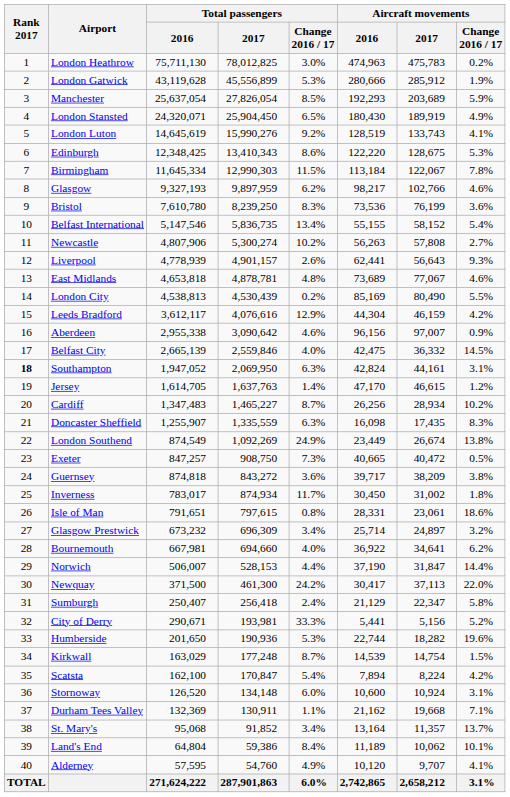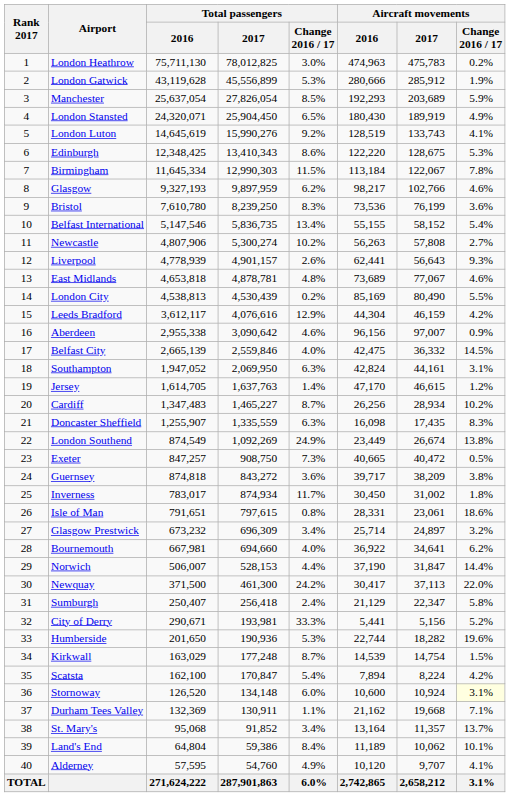 <table class="wikitable sortable" style="text-align: right; ">
 <tr>
 <th rowspan=2>Rank<br>2017</th>
 <th rowspan="2">Airport</th>
 <th colspan=3>Total passengers</th>
 <th colspan=3>Aircraft movements</th>
 </tr>
 <tr>
 <th>2016</th>
 <th>2017</th>
 <th>Change<br>2016 / 17</th>
 <th>2016</th>
 <th>2017</th>
 <th>Change<br>2016 / 17</th>
 </tr>
 <tr>
 <td align='center'>1</td>
 <td align='left'><a href='#'>London Heathrow</a></td>
 <td style="padding-right: 1em;">75,711,130</td>
 <td style="padding-right: 1em;">78,012,825</td>
 <td style="padding-right: 1em;">3.0%</td>
 <td style="padding-right: 1em;">474,963</td>
 <td style="padding-right: 1em;">475,783</td>
 <td style="padding-right: 1em;">0.2%</td>
 </tr>
 <tr>
 <td align='center'>2</td>
 <td align='left'><a href='#'>London Gatwick</a></td>
 <td style="padding-right: 1em;">43,119,628</td>
 <td style="padding-right: 1em;">45,556,899</td>
 <td style="padding-right: 1em;">5.3%</td>
 <td style="padding-right: 1em;">280,666</td>
 <td style="padding-right: 1em;">285,912</td>
 <td style="padding-right: 1em;">1.9%</td>
 </tr>
 <tr>
 <td align='center'>3</td>
 <td align='left'><a href='#'>Manchester</a></td>
 <td style="padding-right: 1em;">25,637,054</td>
 <td style="padding-right: 1em;">27,826,054</td>
 <td style="padding-right: 1em;">8.5%</td>
 <td style="padding-right: 1em;">192,293</td>
 <td style="padding-right: 1em;">203,689</td>
 <td style="padding-right: 1em;">5.9%</td>
 </tr>
 <tr>
 <td align='center'>4</td>
 <td align='left'><a href='#'>London Stansted</a></td>
 <td style="padding-right: 1em;">24,320,071</td>
 <td style="padding-right: 1em;">25,904,450</td>
 <td style="padding-right: 1em;">6.5%</td>
 <td style="padding-right: 1em;">180,430</td>
 <td style="padding-right: 1em;">189,919</td>
 <td style="padding-right: 1em;">4.9%</td>
 </tr>
 <tr>
 <td align='center'>5</td>
 <td align='left'><a href='#'>London Luton</a></td>
 <td style="padding-right: 1em;">14,645,619</td>
 <td style="padding-right: 1em;">15,990,276</td>
 <td style="padding-right: 1em;">9.2%</td>
 <td style="padding-right: 1em;">128,519</td>
 <td style="padding-right: 1em;">133,743</td>
 <td style="padding-right: 1em;">4.1%</td>
 </tr>
 <tr>
 <td align='center'>6</td>
 <td align='left'><a href='#'>Edinburgh</a></td>
 <td style="padding-right: 1em;">12,348,425</td>
 <td style="padding-right: 1em;">13,410,343</td>
 <td style="padding-right: 1em;">8.6%</td>
 <td style="padding-right: 1em;">122,220</td>
 <td style="padding-right: 1em;">128,675</td>
 <td style="padding-right: 1em;">5.3%</td>
 </tr>
 <tr>
 <td align='center'>7</td>
 <td align='left'><a href='#'>Birmingham</a></td>
 <td style="padding-right: 1em;">11,645,334</td>
 <td style="padding-right: 1em;">12,990,303</td>
 <td style="padding-right: 1em;">11.5%</td>
 <td style="padding-right: 1em;">113,184</td>
 <td style="padding-right: 1em;">122,067</td>
 <td style="padding-right: 1em;">7.8%</td>
 </tr>
 <tr>
 <td align='center'>8</td>
 <td align='left'><a href='#'>Glasgow</a></td>
 <td style="padding-right: 1em;">9,327,193</td>
 <td style="padding-right: 1em;">9,897,959</td>
 <td style="padding-right: 1em;">6.2%</td>
 <td style="padding-right: 1em;">98,217</td>
 <td style="padding-right: 1em;">102,766</td>
 <td style="padding-right: 1em;">4.6%</td>
 </tr>
 <tr>
 <td align='center'>9</td>
 <td align='left'><a href='#'>Bristol</a></td>
 <td style="padding-right: 1em;">7,610,780</td>
 <td style="padding-right: 1em;">8,239,250</td>
 <td style="padding-right: 1em;">8.3%</td>
 <td style="padding-right: 1em;">73,536</td>
 <td style="padding-right: 1em;">76,199</td>
 <td style="padding-right: 1em;">3.6%</td>
 </tr>
 <tr>
 <td align='center'>10</td>
 <td align='left'><a href='#'>Belfast International</a></td>
 <td style="padding-right: 1em;">5,147,546</td>
 <td style="padding-right: 1em;">5,836,735</td>
 <td style="padding-right: 1em;">13.4%</td>
 <td style="padding-right: 1em;">55,155</td>
 <td style="padding-right: 1em;">58,152</td>
 <td style="padding-right: 1em;">5.4%</td>
 </tr>
 <tr>
 <td align='center'>11</td>
 <td align='left'><a href='#'>Newcastle</a></td>
 <td style="padding-right: 1em;">4,807,906</td>
 <td style="padding-right: 1em;">5,300,274</td>
 <td style="padding-right: 1em;">10.2%</td>
 <td style="padding-right: 1em;">56,263</td>
 <td style="padding-right: 1em;">57,808</td>
 <td style="padding-right: 1em;">2.7%</td>
 </tr>
 <tr>
 <td align='center'>12</td>
 <td align='left'><a href='#'>Liverpool</a></td>
 <td style="padding-right: 1em;">4,778,939</td>
 <td style="padding-right: 1em;">4,901,157</td>
 <td style="padding-right: 1em;">2.6%</td>
 <td style="padding-right: 1em;">62,441</td>
 <td style="padding-right: 1em;">56,643</td>
 <td style="padding-right: 1em;">9.3%</td>
 </tr>
 <tr>
 <td align='center'>13</td>
 <td align='left'><a href='#'>East Midlands</a></td>
 <td style="padding-right: 1em;">4,653,818</td>
 <td style="padding-right: 1em;">4,878,781</td>
 <td style="padding-right: 1em;">4.8%</td>
 <td style="padding-right: 1em;">73,689</td>
 <td style="padding-right: 1em;">77,067</td>
 <td style="padding-right: 1em;">4.6%</td>
 </tr>
 <tr>
 <td align='center'>14</td>
 <td align='left'><a href='#'>London City</a></td>
 <td style="padding-right: 1em;">4,538,813</td>
 <td style="padding-right: 1em;">4,530,439</td>
 <td style="padding-right: 1em;">0.2%</td>
 <td style="padding-right: 1em;">85,169</td>
 <td style="padding-right: 1em;">80,490</td>
 <td style="padding-right: 1em;">5.5%</td>
 </tr>
 <tr>
 <td align='center'>15</td>
 <td align='left'><a href='#'>Leeds Bradford</a></td>
 <td style="padding-right: 1em;">3,612,117</td>
 <td style="padding-right: 1em;">4,076,616</td>
 <td style="padding-right: 1em;">12.9%</td>
 <td style="padding-right: 1em;">44,304</td>
 <td style="padding-right: 1em;">46,159</td>
 <td style="padding-right: 1em;">4.2%</td>
 </tr>
 <tr>
 <td align='center'>16</td>
 <td align='left'><a href='#'>Aberdeen</a></td>
 <td style="padding-right: 1em;">2,955,338</td>
 <td style="padding-right: 1em;">3,090,642</td>
 <td style="padding-right: 1em;">4.6%</td>
 <td style="padding-right: 1em;">96,156</td>
 <td style="padding-right: 1em;">97,007</td>
 <td style="padding-right: 1em;">0.9%</td>
 </tr>
 <tr>
 <td align='center'>17</td>
 <td align='left'><a href='#'>Belfast City</a></td>
 <td style="padding-right: 1em;">2,665,139</td>
 <td style="padding-right: 1em;">2,559,846</td>
 <td style="padding-right: 1em;">4.0%</td>
 <td style="padding-right: 1em;">42,475</td>
 <td style="padding-right: 1em;">36,332</td>
 <td style="padding-right: 1em;">14.5%</td>
 </tr>
 <tr>
-<td align='center'><strong>18</strong></td>
+<td align='center'>18</td>
 <td align='left'><a href='#'>Southampton</a></td>
 <td style="padding-right: 1em;">1,947,052</td>
 <td style="padding-right: 1em;">2,069,950</td>
 <td style="padding-right: 1em;">6.3%</td>
 <td style="padding-right: 1em;">42,824</td>
 <td style="padding-right: 1em;">44,161</td>
 <td style="padding-right: 1em;">3.1%</td>
 </tr>
 <tr>
 <td align='center'>19</td>
 <td align='left'><a href='#'>Jersey</a></td>
 <td style="padding-right: 1em;">1,614,705</td>
 <td style="padding-right: 1em;">1,637,763</td>
 <td style="padding-right: 1em;">1.4%</td>
 <td style="padding-right: 1em;">47,170</td>
 <td style="padding-right: 1em;">46,615</td>
 <td style="padding-right: 1em;">1.2%</td>
 </tr>
 <tr>
 <td align='center'>20</td>
 <td align='left'><a href='#'>Cardiff</a></td>
 <td style="padding-right: 1em;">1,347,483</td>
 <td style="padding-right: 1em;">1,465,227</td>
 <td style="padding-right: 1em;">8.7%</td>
 <td style="padding-right: 1em;">26,256</td>
 <td style="padding-right: 1em;">28,934</td>
 <td style="padding-right: 1em;">10.2%</td>
 </tr>
 <tr>
 <td align='center'>21</td>
 <td align='left'><a href='#'>Doncaster Sheffield</a></td>
 <td style="padding-right: 1em;">1,255,907</td>
 <td style="padding-right: 1em;">1,335,559</td>
 <td style="padding-right: 1em;">6.3%</td>
 <td style="padding-right: 1em;">16,098</td>
 <td style="padding-right: 1em;">17,435</td>
 <td style="padding-right: 1em;">8.3%</td>
 </tr>
 <tr>
 <td align='center'>22</td>
 <td align='left'><a href='#'>London Southend</a></td>
 <td style="padding-right: 1em;">874,549</td>
 <td style="padding-right: 1em;">1,092,269</td>
 <td style="padding-right: 1em;">24.9%</td>
 <td style="padding-right: 1em;">23,449</td>
 <td style="padding-right: 1em;">26,674</td>
 <td style="padding-right: 1em;">13.8%</td>
 </tr>
 <tr>
 <td align='center'>23</td>
 <td align='left'><a href='#'>Exeter</a></td>
 <td style="padding-right: 1em;">847,257</td>
 <td style="padding-right: 1em;">908,750</td>
 <td style="padding-right: 1em;">7.3%</td>
 <td style="padding-right: 1em;">40,665</td>
 <td style="padding-right: 1em;">40,472</td>
 <td style="padding-right: 1em;">0.5%</td>
 </tr>
 <tr>
 <td align='center'>24</td>
 <td align='left'><a href='#'>Guernsey</a></td>
 <td style="padding-right: 1em;">874,818</td>
 <td style="padding-right: 1em;">843,272</td>
 <td style="padding-right: 1em;">3.6%</td>
 <td style="padding-right: 1em;">39,717</td>
 <td style="padding-right: 1em;">38,209</td>
 <td style="padding-right: 1em;">3.8%</td>
 </tr>
 <tr>
 <td align='center'>25</td>
 <td align='left'><a href='#'>Inverness</a></td>
 <td style="padding-right: 1em;">783,017</td>
 <td style="padding-right: 1em;">874,934</td>
 <td style="padding-right: 1em;">11.7%</td>
 <td style="padding-right: 1em;">30,450</td>
 <td style="padding-right: 1em;">31,002</td>
 <td style="padding-right: 1em;">1.8%</td>
 </tr>
 <tr>
 <td align='center'>26</td>
 <td align='left'><a href='#'>Isle of Man</a></td>
 <td style="padding-right: 1em;">791,651</td>
 <td style="padding-right: 1em;">797,615</td>
 <td style="padding-right: 1em;">0.8%</td>
 <td style="padding-right: 1em;">28,331</td>
 <td style="padding-right: 1em;">23,061</td>
 <td style="padding-right: 1em;">18.6%</td>
 </tr>
 <tr>
 <td align='center'>27</td>
 <td align='left'><a href='#'>Glasgow Prestwick</a></td>
 <td style="padding-right: 1em;">673,232</td>
 <td style="padding-right: 1em;">696,309</td>
 <td style="padding-right: 1em;">3.4%</td>
 <td style="padding-right: 1em;">25,714</td>
 <td style="padding-right: 1em;">24,897</td>
 <td style="padding-right: 1em;">3.2%</td>
 </tr>
 <tr>
 <td align='center'>28</td>
 <td align='left'><a href='#'>Bournemouth</a></td>
 <td style="padding-right: 1em;">667,981</td>
 <td style="padding-right: 1em;">694,660</td>
 <td style="padding-right: 1em;">4.0%</td>
 <td style="padding-right: 1em;">36,922</td>
 <td style="padding-right: 1em;">34,641</td>
 <td style="padding-right: 1em;">6.2%</td>
 </tr>
 <tr>
 <td align='center'>29</td>
 <td align='left'><a href='#'>Norwich</a></td>
 <td style="padding-right: 1em;">506,007</td>
 <td style="padding-right: 1em;">528,153</td>
 <td style="padding-right: 1em;">4.4%</td>
 <td style="padding-right: 1em;">37,190</td>
 <td style="padding-right: 1em;">31,847</td>
 <td style="padding-right: 1em;">14.4%</td>
 </tr>
 <tr>
 <td align='center'>30</td>
 <td align="left"><a href='#'>Newquay</a></td>
 <td style="padding-right: 1em;">371,500</td>
 <td style="padding-right: 1em;">461,300</td>
 <td style="padding-right: 1em;">24.2%</td>
 <td style="padding-right: 1em;">30,417</td>
 <td style="padding-right: 1em;">37,113</td>
 <td style="padding-right: 1em;">22.0%</td>
 </tr>
 <tr>
 <td align='center'>31</td>
 <td align="left"><a href='#'>Sumburgh</a></td>
 <td style="padding-right: 1em;">250,407</td>
 <td style="padding-right: 1em;">256,418</td>
 <td style="padding-right: 1em;">2.4%</td>
 <td style="padding-right: 1em;">21,129</td>
 <td style="padding-right: 1em;">22,347</td>
 <td style="padding-right: 1em;">5.8%</td>
 </tr>
 <tr>
 <td align='center'>32</td>
 <td align="left"><a href='#'>City of Derry</a></td>
 <td style="padding-right: 1em;">290,671</td>
 <td style="padding-right: 1em;">193,981</td>
 <td style="padding-right: 1em;">33.3%</td>
 <td style="padding-right: 1em;">5,441</td>
 <td style="padding-right: 1em;">5,156</td>
 <td style="padding-right: 1em;">5.2%</td>
 </tr>
 <tr>
 <td align='center'>33</td>
 <td align='left'><a href='#'>Humberside</a></td>
 <td style="padding-right: 1em;">201,650</td>
 <td style="padding-right: 1em;">190,936</td>
 <td style="padding-right: 1em;">5.3%</td>
 <td style="padding-right: 1em;">22,744</td>
 <td style="padding-right: 1em;">18,282</td>
 <td style="padding-right: 1em;">19.6%</td>
 </tr>
 <tr>
 <td align='center'>34</td>
 <td align='left'><a href='#'>Kirkwall</a></td>
 <td style="padding-right: 1em;">163,029</td>
 <td style="padding-right: 1em;">177,248</td>
 <td style="padding-right: 1em;">8.7%</td>
 <td style="padding-right: 1em;">14,539</td>
 <td style="padding-right: 1em;">14,754</td>
 <td style="padding-right: 1em;">1.5%</td>
 </tr>
 <tr>
 <td align='center'>35</td>
 <td align='left'><a href='#'>Scatsta</a></td>
 <td style="padding-right: 1em;">162,100</td>
 <td style="padding-right: 1em;">170,847</td>
 <td style="padding-right: 1em;">5.4%</td>
 <td style="padding-right: 1em;">7,894</td>
 <td style="padding-right: 1em;">8,224</td>
 <td style="padding-right: 1em;">4.2%</td>
 </tr>
 <tr>
 <td align='center'>36</td>
 <td align="left"><a href='#'>Stornoway</a></td>
 <td style="padding-right: 1em;">126,520</td>
 <td style="padding-right: 1em;">134,148</td>
 <td style="padding-right: 1em;">6.0%</td>
 <td style="padding-right: 1em;">10,600</td>
 <td style="padding-right: 1em;">10,924</td>
-<td style="padding-right: 1em;">3.1%</td>
+<td style="background: lightyellow; padding-right: 1em;">3.1%</td>
 </tr>
 <tr>
 <td align='center'>37</td>
 <td align="left"><a href='#'>Durham Tees Valley</a></td>
 <td style="padding-right: 1em;">132,369</td>
 <td style="padding-right: 1em;">130,911</td>
 <td style="padding-right: 1em;">1.1%</td>
 <td style="padding-right: 1em;">21,162</td>
 <td style="padding-right: 1em;">19,668</td>
 <td style="padding-right: 1em;">7.1%</td>
 </tr>
 <tr>
 <td align='center'>38</td>
 <td align='left'><a href='#'>St. Mary's</a></td>
 <td style="padding-right: 1em;">95,068</td>
 <td style="padding-right: 1em;">91,852</td>
 <td style="padding-right: 1em;">3.4%</td>
 <td style="padding-right: 1em;">13,164</td>
 <td style="padding-right: 1em;">11,357</td>
 <td style="padding-right: 1em;">13.7%</td>
 </tr>
 <tr>
 <td align='center'>39</td>
 <td align='left'><a href='#'>Land's End</a></td>
 <td style="padding-right: 1em;">64,804</td>
 <td style="padding-right: 1em;">59,386</td>
 <td style="padding-right: 1em;">8.4%</td>
 <td style="padding-right: 1em;">11,189</td>
 <td style="padding-right: 1em;">10,062</td>
 <td style="padding-right: 1em;">10.1%</td>
 </tr>
 <tr>
 <td align='center'>40</td>
 <td align='left'><a href='#'>Alderney</a></td>
 <td style="padding-right: 1em;">57,595</td>
 <td style="padding-right: 1em;">54,760</td>
 <td style="padding-right: 1em;">4.9%</td>
 <td style="padding-right: 1em;">10,120</td>
 <td style="padding-right: 1em;">9,707</td>
 <td style="padding-right: 1em;">4.1%</td>
 </tr>
 <tr class="sortbottom">
 <th>TOTAL</th>
 <th></th>
 <th style="padding-right: 1em;">271,624,222</th>
 <th style="padding-right: 1em;">287,901,863</th>
 <th style="padding-right: 0em;">6.0%</th>
 <th style="padding-right: 1em;">2,742,865</th>
 <th style="padding-right: 1em;">2,658,212</th>
 <th style="padding-right: 0em;">3.1%</th>
 </tr>
 </table>
